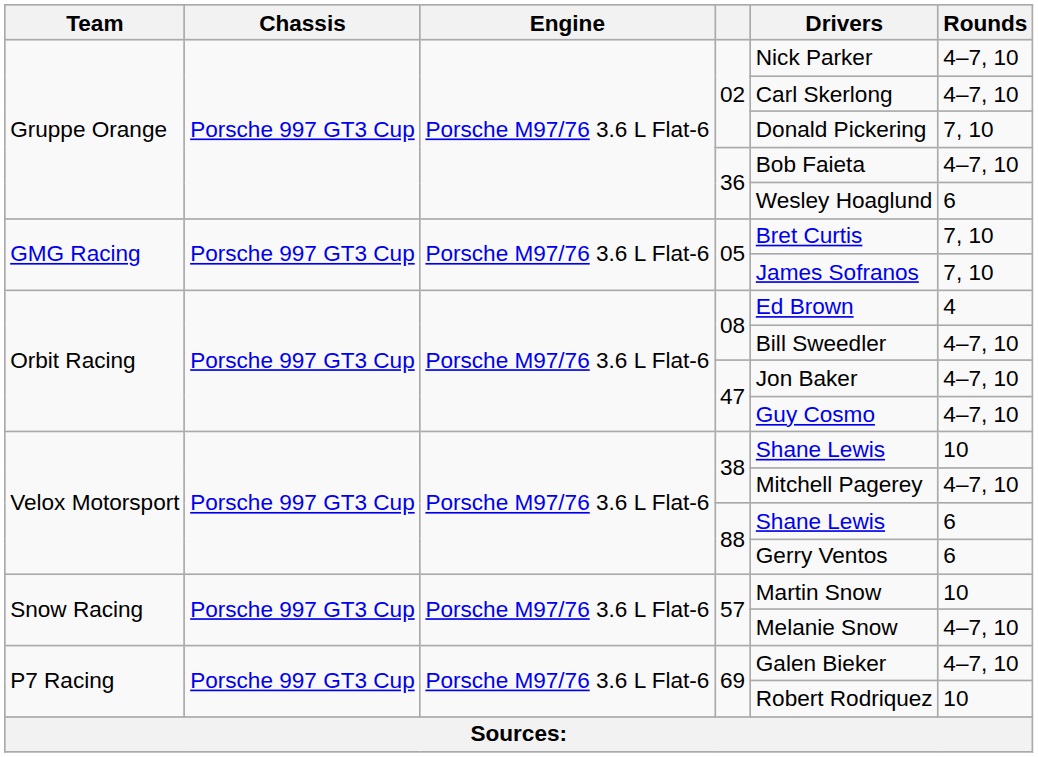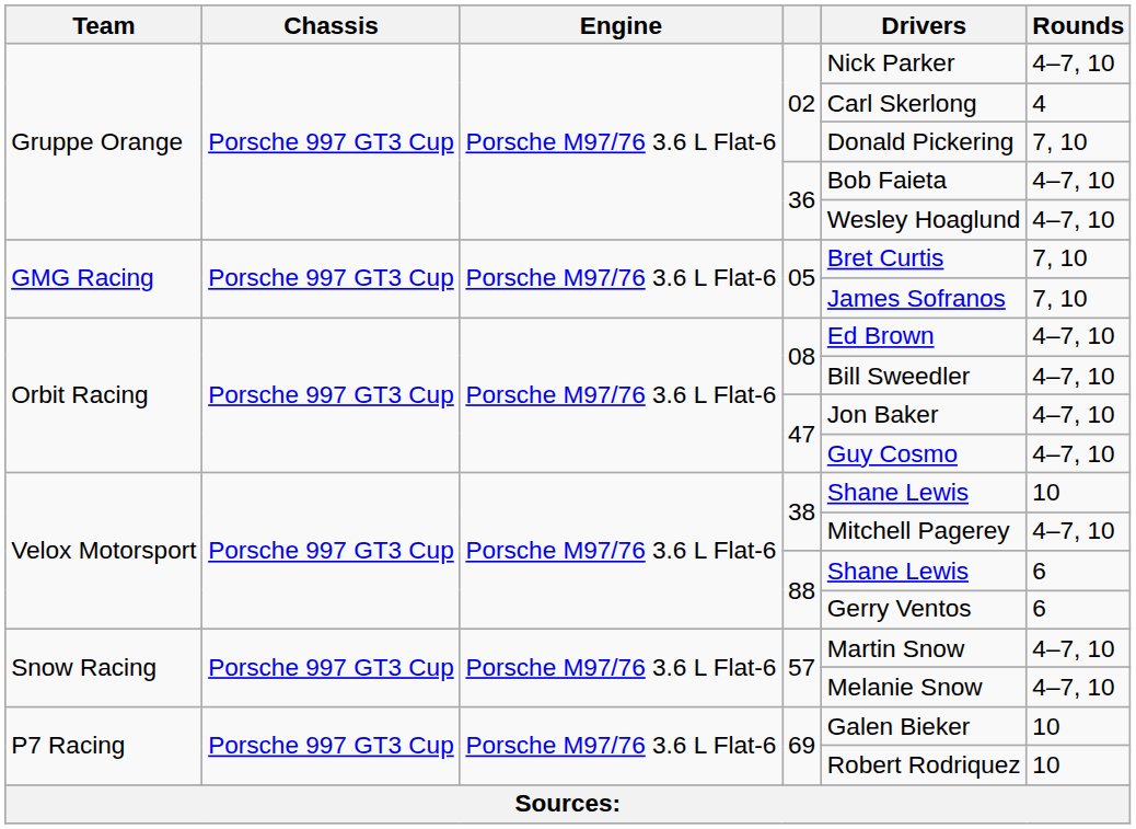 <table class="wikitable" style="font-size: 85%">
 <tr>
 <th>Team</th>
 <th>Chassis</th>
 <th>Engine</th>
 <th></th>
 <th>Drivers</th>
 <th>Rounds</th>
 </tr>
 <tr>
 <td rowspan="5"> Gruppe Orange</td>
 <td rowspan="5"><a href='#'>Porsche 997 GT3 Cup</a></td>
 <td rowspan="5"><a href='#'>Porsche M97/76</a> 3.6 L Flat-6</td>
 <td rowspan="3" align="center">02</td>
 <td> Nick Parker</td>
 <td>4–7, 10</td>
 </tr>
 <tr>
 <td> Carl Skerlong</td>
-<td>4–7, 10</td>
+<td>4</td>
 </tr>
 <tr>
 <td> Donald Pickering</td>
 <td>7, 10</td>
 </tr>
 <tr>
 <td rowspan="2" align="center">36</td>
 <td> Bob Faieta</td>
 <td>4–7, 10</td>
 </tr>
 <tr>
 <td> Wesley Hoaglund</td>
-<td>6</td>
+<td>4–7, 10</td>
 </tr>
 <tr>
 <td rowspan="2"> <a href='#'>GMG Racing</a></td>
 <td rowspan="2"><a href='#'>Porsche 997 GT3 Cup</a></td>
 <td rowspan="2"><a href='#'>Porsche M97/76</a> 3.6 L Flat-6</td>
 <td rowspan="2" align="center">05</td>
 <td> <a href='#'>Bret Curtis</a></td>
 <td>7, 10</td>
 </tr>
 <tr>
 <td> <a href='#'>James Sofranos</a></td>
 <td>7, 10</td>
 </tr>
 <tr>
 <td rowspan="4"> Orbit Racing</td>
 <td rowspan="4"><a href='#'>Porsche 997 GT3 Cup</a></td>
 <td rowspan="4"><a href='#'>Porsche M97/76</a> 3.6 L Flat-6</td>
 <td rowspan="2" align="center">08</td>
 <td> <a href='#'>Ed Brown</a></td>
-<td>4</td>
+<td>4–7, 10</td>
 </tr>
 <tr>
 <td> Bill Sweedler</td>
 <td>4–7, 10</td>
 </tr>
 <tr>
 <td rowspan="2" align="center">47</td>
 <td> Jon Baker</td>
 <td>4–7, 10</td>
 </tr>
 <tr>
 <td> <a href='#'>Guy Cosmo</a></td>
 <td>4–7, 10</td>
 </tr>
 <tr>
 <td rowspan="4"> Velox Motorsport</td>
 <td rowspan="4"><a href='#'>Porsche 997 GT3 Cup</a></td>
 <td rowspan="4"><a href='#'>Porsche M97/76</a> 3.6 L Flat-6</td>
 <td rowspan="2" align="center">38</td>
 <td> <a href='#'>Shane Lewis</a></td>
 <td>10</td>
 </tr>
 <tr>
 <td> Mitchell Pagerey</td>
 <td>4–7, 10</td>
 </tr>
 <tr>
 <td rowspan="2" align="center">88</td>
 <td> <a href='#'>Shane Lewis</a></td>
 <td>6</td>
 </tr>
 <tr>
 <td> Gerry Ventos</td>
 <td>6</td>
 </tr>
 <tr>
 <td rowspan="2"> Snow Racing</td>
 <td rowspan="2"><a href='#'>Porsche 997 GT3 Cup</a></td>
 <td rowspan="2"><a href='#'>Porsche M97/76</a> 3.6 L Flat-6</td>
 <td rowspan="2" align="center">57</td>
 <td> Martin Snow</td>
-<td>10</td>
+<td>4–7, 10</td>
 </tr>
 <tr>
 <td> Melanie Snow</td>
 <td>4–7, 10</td>
 </tr>
 <tr>
 <td rowspan="2"> P7 Racing</td>
 <td rowspan="2"><a href='#'>Porsche 997 GT3 Cup</a></td>
 <td rowspan="2"><a href='#'>Porsche M97/76</a> 3.6 L Flat-6</td>
 <td rowspan="2">69</td>
 <td> Galen Bieker</td>
-<td>4–7, 10</td>
+<td>10</td>
 </tr>
 <tr>
 <td> Robert Rodriquez</td>
 <td>10</td>
 </tr>
 <tr>
 <th colspan="6">Sources:</th>
 </tr>
 </table>
